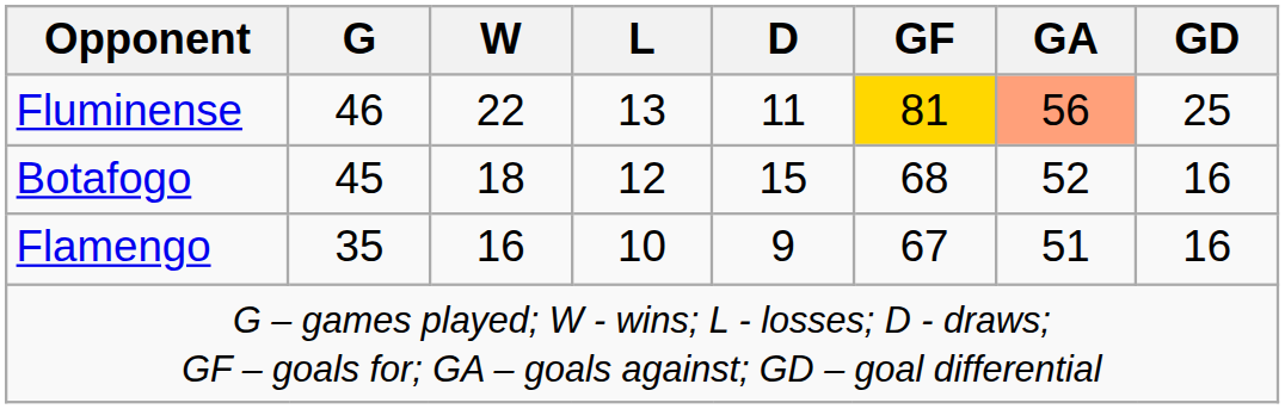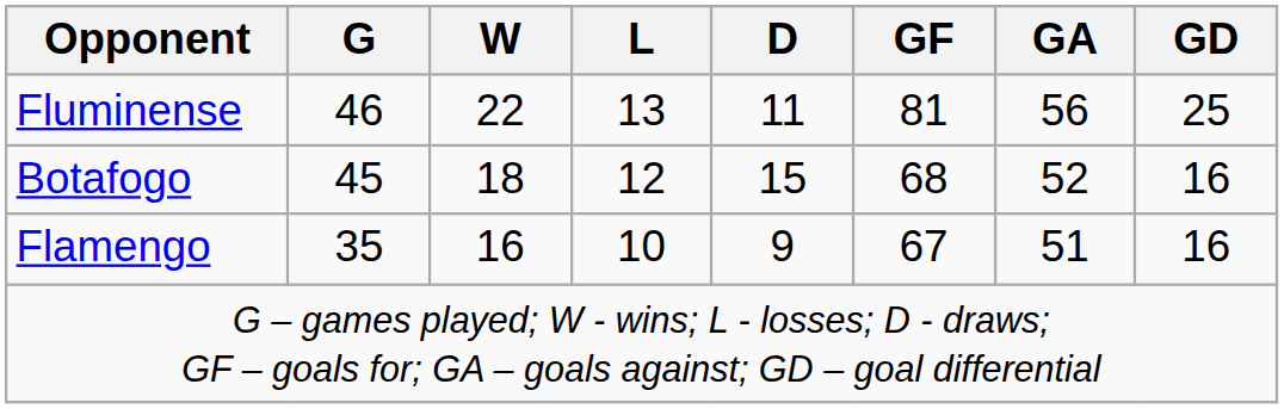 <table class="wikitable" style="text-align: center;">
 <tr>
 <th width=20%>Opponent</th>
 <th width=10%>G</th>
 <th width=10%>W</th>
 <th width=10%>L</th>
 <th width=10%>D</th>
 <th width=10%>GF</th>
 <th width=10%>GA</th>
 <th width=10%>GD</th>
 </tr>
 <tr>
 <td align="left"> <a href='#'>Fluminense</a></td>
 <td>46</td>
 <td>22</td>
 <td>13</td>
 <td>11</td>
-<td style="background: gold;">81</td>
-<td style="background: lightsalmon;">56</td>
+<td>81</td>
+<td>56</td>
 <td>25</td>
 </tr>
 <tr>
 <td align="left"> <a href='#'>Botafogo</a></td>
 <td>45</td>
 <td>18</td>
 <td>12</td>
 <td>15</td>
 <td>68</td>
 <td>52</td>
 <td>16</td>
 </tr>
 <tr>
 <td align="left"> <a href='#'>Flamengo</a></td>
 <td>35</td>
 <td>16</td>
 <td>10</td>
 <td>9</td>
 <td>67</td>
 <td>51</td>
 <td>16</td>
 </tr>
 <tr>
 <td colspan="11"><small><em>G – games played; W - wins; L - losses; D - draws;</small> <br> <small>GF – goals for; GA – goals against; GD – goal differential</small></td>
 </tr>
 </table>
